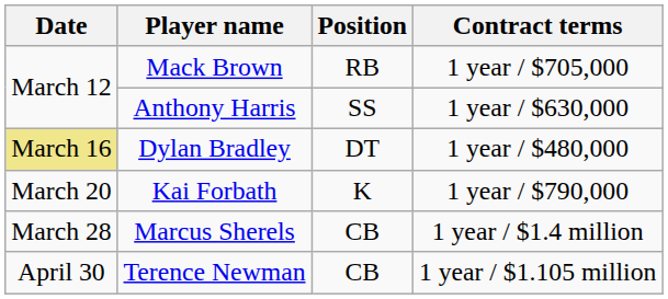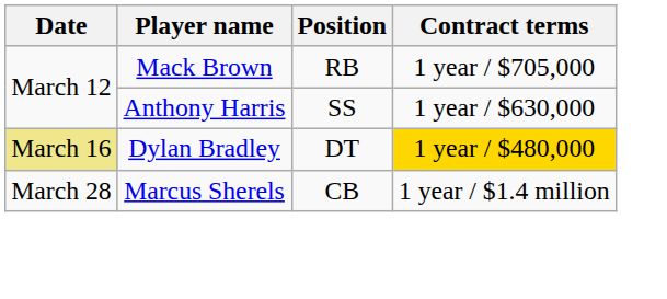 <table class="wikitable" style="text-align:center">
 <tr>
 <th>Date</th>
 <th>Player name</th>
 <th>Position</th>
 <th>Contract terms</th>
 </tr>
 <tr>
 <td rowspan=2>March 12</td>
 <td><a href='#'>Mack Brown</a></td>
 <td>RB</td>
 <td>1 year / $705,000</td>
 </tr>
 <tr>
 <td><a href='#'>Anthony Harris</a></td>
 <td>SS</td>
 <td>1 year / $630,000</td>
 </tr>
 <tr>
 <td style="background: khaki;">March 16</td>
 <td><a href='#'>Dylan Bradley</a></td>
 <td>DT</td>
-<td>1 year / $480,000</td>
-</tr>
-<tr>
-<td>March 20</td>
-<td><a href='#'>Kai Forbath</a></td>
-<td>K</td>
-<td>1 year / $790,000</td>
+<td style="background: gold;">1 year / $480,000</td>
 </tr>
 <tr>
 <td>March 28</td>
 <td><a href='#'>Marcus Sherels</a></td>
 <td>CB</td>
 <td>1 year / $1.4 million</td>
 </tr>
-<tr>
-<td>April 30</td>
-<td><a href='#'>Terence Newman</a></td>
-<td>CB</td>
-<td>1 year / $1.105 million</td>
-</tr>
 </table>
